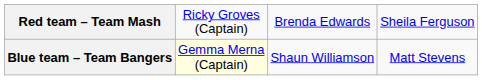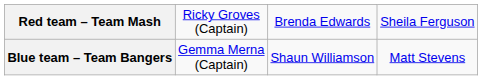 <table class="wikitable" style="text-align:center">
 <tr>
 <th scope="row">Red team – Team Mash</th>
 <td><a href='#'>Ricky Groves</a><br>(Captain)</td>
 <td><a href='#'>Brenda Edwards</a></td>
 <td><a href='#'>Sheila Ferguson</a></td>
 </tr>
 <tr>
 <th scope="row">Blue team – Team Bangers</th>
-<td style="background: lightyellow;"><a href='#'>Gemma Merna</a><br>(Captain)</td>
+<td><a href='#'>Gemma Merna</a><br>(Captain)</td>
 <td><a href='#'>Shaun Williamson</a></td>
 <td><a href='#'>Matt Stevens</a></td>
 </tr>
 </table>
